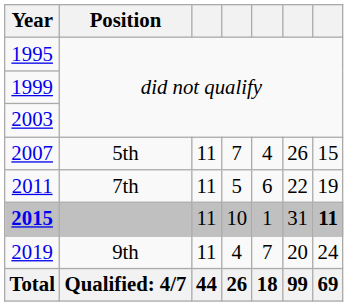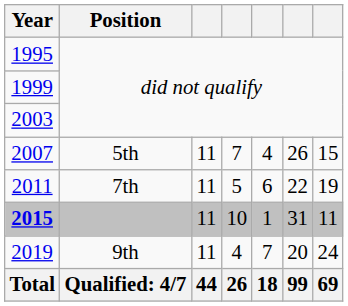 <table class="wikitable" style="text-align: center;">
 <tr>
 <th>Year</th>
 <th>Position</th>
 <th></th>
 <th></th>
 <th></th>
 <th></th>
 <th></th>
 </tr>
 <tr>
 <td> <a href='#'>1995</a></td>
 <td colspan="6" rowspan="3"><em>did not qualify</em></td>
 </tr>
 <tr>
 <td> <a href='#'>1999</a></td>
 </tr>
 <tr>
 <td> <a href='#'>2003</a></td>
 </tr>
 <tr>
 <td> <a href='#'>2007</a></td>
 <td>5th</td>
 <td>11</td>
 <td>7</td>
 <td>4</td>
 <td>26</td>
 <td>15</td>
 </tr>
 <tr>
 <td> <a href='#'>2011</a></td>
 <td>7th</td>
 <td>11</td>
 <td>5</td>
 <td>6</td>
 <td>22</td>
 <td>19</td>
 </tr>
 <tr style="background:silver;">
 <td> <strong><a href='#'>2015</a></strong></td>
 <td></td>
 <td>11</td>
 <td>10</td>
 <td>1</td>
 <td>31</td>
-<td><strong>11</strong></td>
+<td>11</td>
 </tr>
 <tr>
 <td> <a href='#'>2019</a></td>
 <td>9th</td>
 <td>11</td>
 <td>4</td>
 <td>7</td>
 <td>20</td>
 <td>24</td>
 </tr>
 <tr>
 <th>Total</th>
 <th>Qualified: 4/7</th>
 <th>44</th>
 <th>26</th>
 <th>18</th>
 <th>99</th>
 <th>69</th>
 </tr>
 </table>
